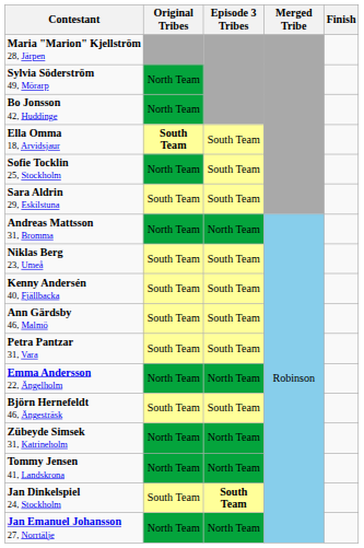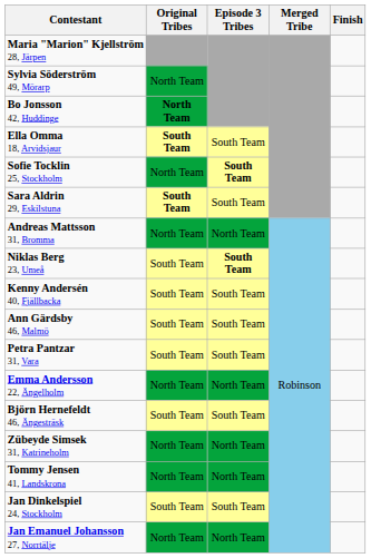 <table class="wikitable sortable" style="margin:auto; text-align:center">
 <tr>
 <th>Contestant</th>
 <th width=80>Original<br>Tribes</th>
 <th width=80>Episode 3<br>Tribes</th>
 <th width=80>Merged<br>Tribe</th>
 <th>Finish</th>
 </tr>
 <tr>
 <td style="text-align:left"><strong>Maria "Marion" Kjellström</strong><br><small>28, <a href='#'>Järpen</a></small></td>
 <td style="background:darkgray" rowspan=1></td>
 <td style="background:darkgray" rowspan=3></td>
 <td style="background:darkgray" rowspan=6></td>
 <td></td>
 </tr>
 <tr>
 <td style="text-align:left"><strong>Sylvia Söderström</strong><br><small>49, <a href='#'>Mörarp</a></small></td>
 <td style="background:#04a43c">North Team</td>
 <td></td>
 </tr>
 <tr>
 <td style="text-align:left"><strong>Bo Jonsson</strong><br><small>42, <a href='#'>Huddinge</a></small></td>
-<td style="background:#04a43c">North Team</td>
+<td style="background:#04a43c"><strong>North Team</strong></td>
 <td></td>
 </tr>
 <tr>
 <td style="text-align:left"><strong>Ella Omma</strong><br><small>18, <a href='#'>Arvidsjaur</a></small></td>
 <td style="background:#FFFF99"><strong>South Team</strong></td>
 <td style="background:#FFFF99">South Team</td>
 <td></td>
 </tr>
 <tr>
 <td style="text-align:left"><strong>Sofie Tocklin</strong><br><small>25, <a href='#'>Stockholm</a></small></td>
 <td style="background:#04a43c">North Team</td>
-<td style="background:#FFFF99">South Team</td>
+<td style="background:#FFFF99"><strong>South Team</strong></td>
 <td></td>
 </tr>
 <tr>
 <td style="text-align:left"><strong>Sara Aldrin</strong><br><small>29, <a href='#'>Eskilstuna</a></small></td>
-<td style="background:#FFFF99">South Team</td>
+<td style="background:#FFFF99"><strong>South Team</strong></td>
 <td style="background:#FFFF99">South Team</td>
 <td></td>
 </tr>
 <tr>
 <td style="text-align:left"><strong>Andreas Mattsson</strong><br><small>31, <a href='#'>Bromma</a></small></td>
 <td style="background:#04a43c">North Team</td>
 <td style="background:#04a43c">North Team</td>
 <td style="text-align:center; background:skyblue" rowspan=12>Robinson</td>
 <td></td>
 </tr>
 <tr>
 <td style="text-align:left"><strong>Niklas Berg</strong><br><small>23, <a href='#'>Umeå</a></small></td>
 <td style="background:#FFFF99">South Team</td>
-<td style="background:#FFFF99">South Team</td>
+<td style="background:#FFFF99"><strong>South Team</strong></td>
 <td></td>
 </tr>
 <tr>
 <td style="text-align:left"><strong>Kenny Andersén</strong><br><small>40, <a href='#'>Fjällbacka</a></small></td>
 <td style="background:#FFFF99">South Team</td>
 <td style="background:#FFFF99">South Team</td>
 <td></td>
 </tr>
 <tr>
 <td style="text-align:left"><strong>Ann Gärdsby</strong><br><small>46, <a href='#'>Malmö</a></small></td>
 <td style="background:#FFFF99">South Team</td>
 <td style="background:#FFFF99">South Team</td>
 <td></td>
 </tr>
 <tr>
 <td style="text-align:left"><strong>Petra Pantzar</strong><br><small>31, <a href='#'>Vara</a></small></td>
 <td style="background:#FFFF99">South Team</td>
 <td style="background:#FFFF99">South Team</td>
 <td></td>
 </tr>
 <tr>
 <td style="text-align:left"><strong><a href='#'>Emma Andersson</a></strong><br><small>22, <a href='#'>Ängelholm</a></small></td>
 <td style="background:#04a43c">North Team</td>
 <td style="background:#04a43c">North Team</td>
 <td></td>
 </tr>
 <tr>
 <td style="text-align:left"><strong>Björn Hernefeldt</strong><br><small>46, <a href='#'>Ängesträsk</a></small></td>
 <td style="background:#FFFF99">South Team</td>
 <td style="background:#FFFF99">South Team</td>
 <td></td>
 </tr>
 <tr>
 <td style="text-align:left"><strong>Zübeyde Simsek</strong><br><small>31, <a href='#'>Katrineholm</a></small></td>
 <td style="background:#04a43c">North Team</td>
 <td style="background:#04a43c">North Team</td>
 <td></td>
 </tr>
 <tr>
 <td style="text-align:left"><strong>Tommy Jensen</strong><br><small>41, <a href='#'>Landskrona</a></small></td>
 <td style="background:#04a43c">North Team</td>
 <td style="background:#04a43c">North Team</td>
 <td></td>
 </tr>
 <tr>
 <td style="text-align:left"><strong>Jan Dinkelspiel</strong><br><small>24, <a href='#'>Stockholm</a></small></td>
 <td style="background:#FFFF99">South Team</td>
-<td style="background:#FFFF99"><strong>South Team</strong></td>
+<td style="background:#FFFF99">South Team</td>
 <td></td>
 </tr>
 <tr>
 <td style="text-align:left"><strong><a href='#'>Jan Emanuel Johansson</a></strong><br><small>27, <a href='#'>Norrtälje</a></small></td>
 <td style="background:#04a43c">North Team</td>
 <td style="background:#04a43c">North Team</td>
 <td></td>
 </tr>
 </table>
